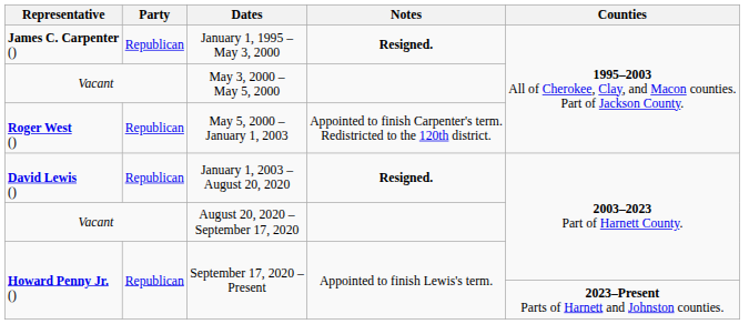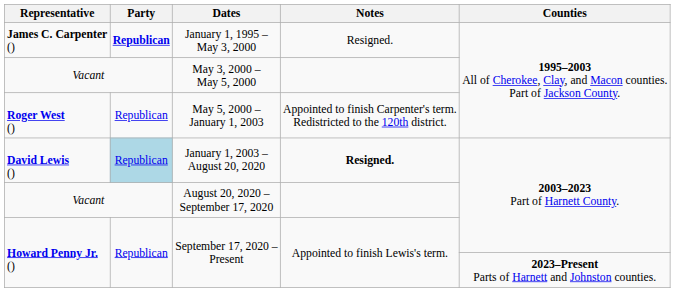 <table class=wikitable style="text-align:center">
 <tr>
 <th>Representative</th>
 <th>Party</th>
 <th>Dates</th>
 <th>Notes</th>
 <th>Counties</th>
 </tr>
 <tr style="height:3em">
 <td align=left><strong>James C. Carpenter</strong><br>()</td>
-<td><a href='#'>Republican</a></td>
+<td><strong><a href='#'>Republican</a></strong></td>
 <td nowrap>January 1, 1995 – <br> May 3, 2000</td>
-<td><strong>Resigned.</strong></td>
+<td>Resigned.</td>
 <td rowspan=3><strong>1995–2003</strong> <br> All of <a href='#'>Cherokee</a>, <a href='#'>Clay</a>, and <a href='#'>Macon</a> counties. <br> Part of <a href='#'>Jackson County</a>.</td>
 </tr>
 <tr style="height:3em">
 <td colspan=2><em>Vacant</em></td>
 <td nowrap>May 3, 2000 – <br> May 5, 2000</td>
 <td></td>
 </tr>
 <tr style="height:3em">
 <td align=left><br><strong><a href='#'>Roger West</a></strong><br>()</td>
 <td><a href='#'>Republican</a></td>
 <td nowrap>May 5, 2000 – <br> January 1, 2003</td>
 <td>Appointed to finish Carpenter's term. <br> Redistricted to the <a href='#'>120th</a> district.</td>
 </tr>
 <tr style="height:3em">
 <td align=left><br><strong><a href='#'>David Lewis</a></strong><br>()</td>
-<td><a href='#'>Republican</a></td>
+<td style="background: lightblue;"><a href='#'>Republican</a></td>
 <td nowrap>January 1, 2003 – <br> August 20, 2020</td>
 <td><strong>Resigned.</strong></td>
 <td rowspan=3><strong>2003–2023</strong> <br> Part of <a href='#'>Harnett County</a>.</td>
 </tr>
 <tr style="height:3em">
 <td colspan=2><em>Vacant</em></td>
 <td nowrap>August 20, 2020 – <br> September 17, 2020</td>
 <td></td>
 </tr>
 <tr style="height:3em">
 <td rowspan=2 align=left><br><strong><a href='#'>Howard Penny Jr.</a></strong><br>()</td>
 <td rowspan=2 ><a href='#'>Republican</a></td>
 <td rowspan=2 nowrap>September 17, 2020 – <br> Present</td>
 <td rowspan=2>Appointed to finish Lewis's term.</td>
 </tr>
 <tr style="height:3em">
 <td><strong>2023–Present</strong> <br> Parts of <a href='#'>Harnett</a> and <a href='#'>Johnston</a> counties.</td>
 </tr>
 </table>
